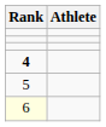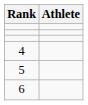 <table class="wikitable" style="text-align:center">
 <tr>
 <th>Rank</th>
 <th>Athlete</th>
 </tr>
 <tr>
 <td></td>
 <td align=left></td>
 </tr>
 <tr>
 <td></td>
 <td align=left></td>
 </tr>
 <tr>
 <td></td>
 <td align=left></td>
 </tr>
 <tr>
-<td><strong>4</strong></td>
+<td>4</td>
 <td align=left></td>
 </tr>
 <tr>
 <td>5</td>
 <td align=left></td>
 </tr>
 <tr>
-<td style="background: lightyellow;">6</td>
+<td>6</td>
 <td align=left></td>
 </tr>
 </table>
